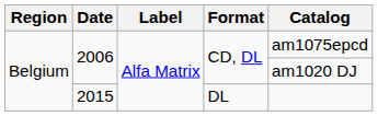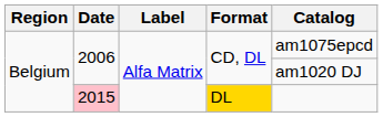 <table class="wikitable">
 <tr>
 <th>Region</th>
 <th>Date</th>
 <th>Label</th>
 <th>Format</th>
 <th>Catalog</th>
 </tr>
 <tr>
 <td rowspan="3">Belgium</td>
 <td rowspan="2">2006</td>
 <td rowspan="3"><a href='#'>Alfa Matrix</a></td>
 <td rowspan="2">CD, <a href='#'>DL</a></td>
 <td>am1075epcd</td>
 </tr>
 <tr>
 <td>am1020 DJ</td>
 </tr>
 <tr>
-<td>2015</td>
-<td>DL</td>
+<td style="background: pink;">2015</td>
+<td style="background: gold;">DL</td>
 <td></td>
 </tr>
 </table>
